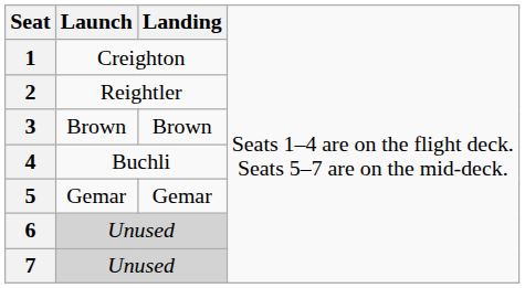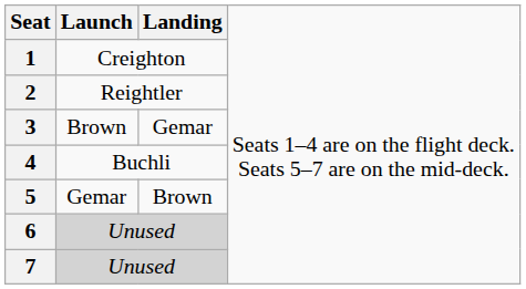 <table class="wikitable" style="text-align:center">
 <tr>
 <th>Seat</th>
 <th>Launch</th>
 <th>Landing</th>
 <td rowspan=8><br>Seats 1–4 are on the flight deck.<br>Seats 5–7 are on the mid-deck.</td>
 </tr>
 <tr>
 <th>1</th>
 <td colspan=2>Creighton</td>
 </tr>
 <tr>
 <th>2</th>
 <td colspan=2>Reightler</td>
 </tr>
 <tr>
 <th>3</th>
 <td>Brown</td>
-<td>Brown</td>
+<td>Gemar</td>
 </tr>
 <tr>
 <th>4</th>
 <td colspan=2>Buchli</td>
 </tr>
 <tr>
 <th>5</th>
 <td>Gemar</td>
-<td>Gemar</td>
+<td>Brown</td>
 </tr>
 <tr>
 <th>6</th>
 <td colspan=2 style="background-color:lightgray"><em>Unused</em></td>
 </tr>
 <tr>
 <th>7</th>
 <td colspan=2 style="background-color:lightgray"><em>Unused</em></td>
 </tr>
 </table>
